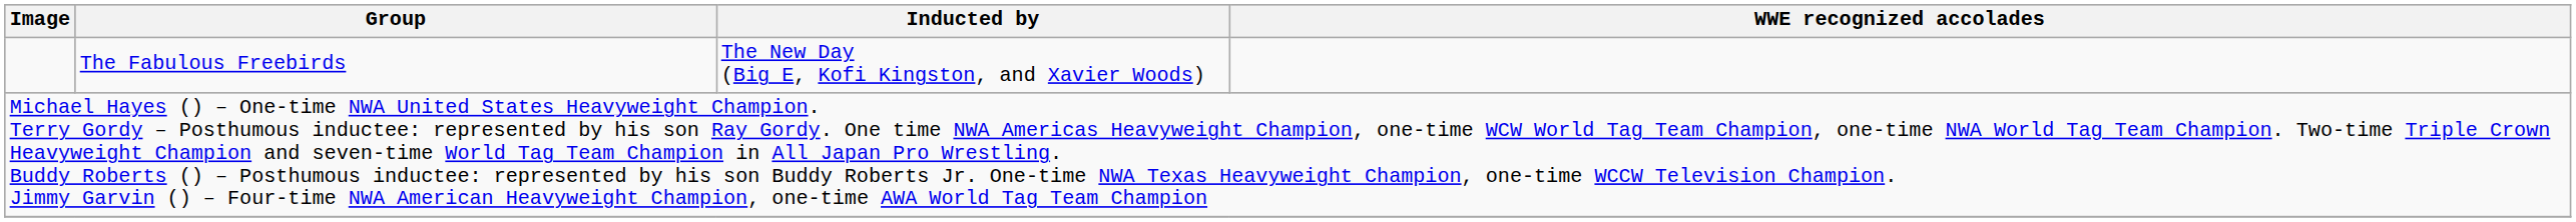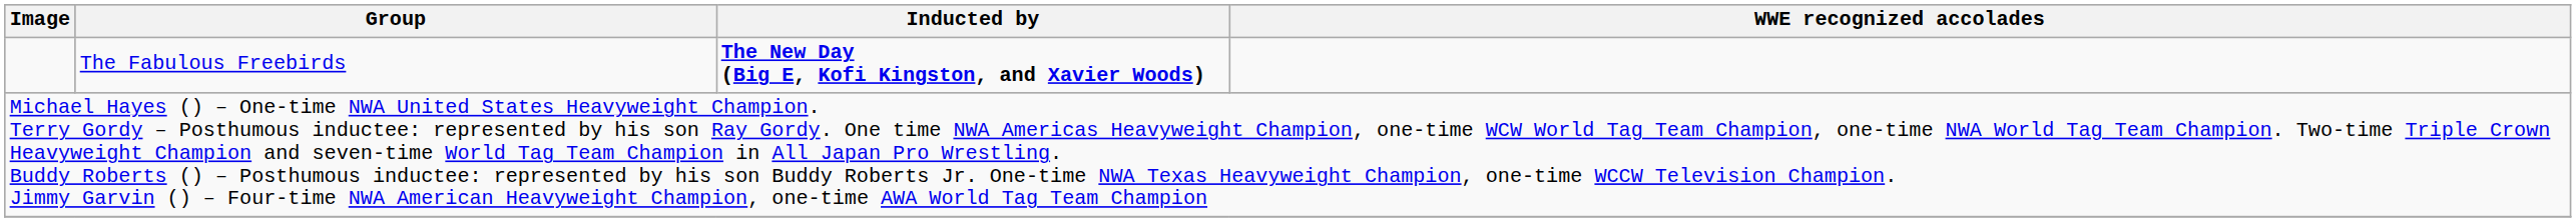 <table class="wikitable" style="font-size: 95%">
 <tr>
 <th style="width:1%;">Image</th>
 <th style="width:25%;">Group</th>
 <th style="width:20%;">Inducted by</th>
 <th class="unsortable">WWE recognized accolades</th>
 </tr>
 <tr>
 <td rowspan=1></td>
 <td><a href='#'>The Fabulous Freebirds</a></td>
-<td><a href='#'>The New Day</a><br>(<a href='#'>Big E</a>, <a href='#'>Kofi Kingston</a>, and <a href='#'>Xavier Woods</a>)</td>
+<td><strong><a href='#'>The New Day</a><br>(<a href='#'>Big E</a>, <a href='#'>Kofi Kingston</a>, and <a href='#'>Xavier Woods</a>)</strong></td>
 <td></td>
 </tr>
 <tr>
 <td colspan=4><a href='#'>Michael Hayes</a> () – One-time <a href='#'>NWA United States Heavyweight Champion</a>.<br><a href='#'>Terry Gordy</a> – Posthumous inductee: represented by his son <a href='#'>Ray Gordy</a>. One time <a href='#'>NWA Americas Heavyweight Champion</a>, one-time <a href='#'>WCW World Tag Team Champion</a>, one-time <a href='#'>NWA World Tag Team Champion</a>. Two-time <a href='#'>Triple Crown Heavyweight Champion</a> and seven-time <a href='#'>World Tag Team Champion</a> in <a href='#'>All Japan Pro Wrestling</a>. <br><a href='#'>Buddy Roberts</a> () – Posthumous inductee: represented by his son Buddy Roberts Jr. One-time <a href='#'>NWA Texas Heavyweight Champion</a>, one-time <a href='#'>WCCW Television Champion</a>.<br><a href='#'>Jimmy Garvin</a> () – Four-time <a href='#'>NWA American Heavyweight Champion</a>, one-time <a href='#'>AWA World Tag Team Champion</a></td>
 </tr>
 <tr>
 </tr>
 </table>
